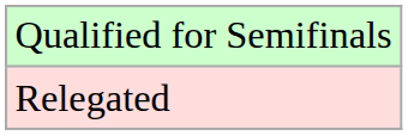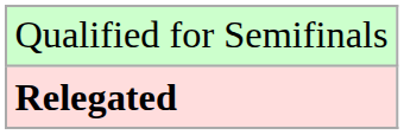 <table class="wikitable">
 <tr width=10px bgcolor="#ccffcc">
 <td>Qualified for Semifinals</td>
 </tr>
 <tr width=10px bgcolor="#ffdddd">
-<td>Relegated</td>
+<td><strong>Relegated</strong></td>
 </tr>
 <tr>
 </tr>
 </table>
